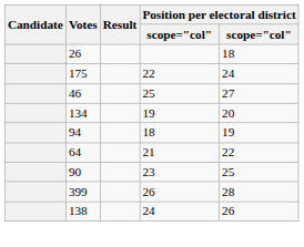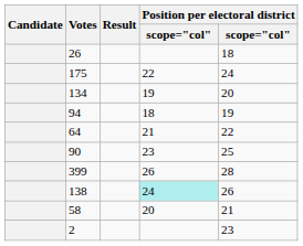 <table class="wikitable sortable defaultright col3left">
 <tr>
 <th scope="col" rowspan="2">Candidate</th>
 <th scope="col" rowspan="2">Votes</th>
 <th scope="col" rowspan="2">Result</th>
 <th scope="col" colspan="2">Position per electoral district</th>
 </tr>
 <tr>
 <th>scope="col" </th>
 <th>scope="col" </th>
 </tr>
 <tr>
 <th scope="row"></th>
 <td>26</td>
 <td></td>
 <td></td>
 <td>18</td>
 </tr>
 <tr>
 <th scope="row"></th>
 <td>175</td>
 <td></td>
 <td>22</td>
 <td>24</td>
-</tr>
-<tr>
-<th scope="row"></th>
-<td>46</td>
-<td></td>
-<td>25</td>
-<td>27</td>
 </tr>
 <tr>
 <th scope="row"></th>
 <td>134</td>
 <td></td>
 <td>19</td>
 <td>20</td>
 </tr>
 <tr>
 <th scope="row"></th>
 <td>94</td>
 <td></td>
 <td>18</td>
 <td>19</td>
 </tr>
 <tr>
 <th scope="row"></th>
 <td>64</td>
 <td></td>
 <td>21</td>
 <td>22</td>
 </tr>
 <tr>
 <th scope="row"></th>
 <td>90</td>
 <td></td>
 <td>23</td>
 <td>25</td>
 </tr>
 <tr>
 <th scope="row"></th>
 <td>399</td>
 <td></td>
 <td>26</td>
 <td>28</td>
 </tr>
 <tr>
 <th scope="row"></th>
 <td>138</td>
 <td></td>
-<td>24</td>
+<td style="background: paleturquoise;">24</td>
 <td>26</td>
 </tr>
+<tr>
+<th scope="row"></th>
+<td>58</td>
+<td></td>
+<td>20</td>
+<td>21</td>
+</tr>
+<tr>
+<th scope="row"></th>
+<td>2</td>
+<td></td>
+<td></td>
+<td>23</td>
+</tr>
 </table>
